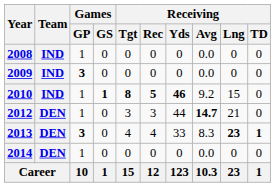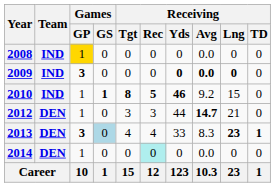 <table class="wikitable" style="text-align:center;">
 <tr>
 <th rowspan="2">Year</th>
 <th rowspan="2">Team</th>
 <th colspan="2">Games</th>
 <th colspan="6">Receiving</th>
 </tr>
 <tr>
 <th>GP</th>
 <th>GS</th>
 <th>Tgt</th>
 <th>Rec</th>
 <th>Yds</th>
 <th>Avg</th>
 <th>Lng</th>
 <th>TD</th>
 </tr>
 <tr>
 <th><a href='#'>2008</a></th>
 <th><a href='#'>IND</a></th>
-<td>1</td>
+<td style="background: gold;">1</td>
 <td>0</td>
 <td>0</td>
 <td>0</td>
 <td>0</td>
 <td>0.0</td>
 <td>0</td>
 <td>0</td>
 </tr>
 <tr>
 <th><a href='#'>2009</a></th>
 <th><a href='#'>IND</a></th>
 <td><strong>3</strong></td>
 <td>0</td>
 <td>0</td>
 <td>0</td>
-<td>0</td>
-<td>0.0</td>
-<td>0</td>
+<td><strong>0</strong></td>
+<td><strong>0.0</strong></td>
+<td><strong>0</strong></td>
 <td>0</td>
 </tr>
 <tr>
 <th><a href='#'>2010</a></th>
 <th><a href='#'>IND</a></th>
 <td>1</td>
 <td><strong>1</strong></td>
 <td><strong>8</strong></td>
 <td><strong>5</strong></td>
 <td><strong>46</strong></td>
 <td>9.2</td>
 <td>15</td>
 <td>0</td>
 </tr>
 <tr>
 <th><a href='#'>2012</a></th>
 <th><a href='#'>DEN</a></th>
 <td>1</td>
 <td>0</td>
 <td>3</td>
 <td>3</td>
 <td>44</td>
 <td><strong>14.7</strong></td>
 <td>21</td>
 <td>0</td>
 </tr>
 <tr>
 <th><a href='#'>2013</a></th>
 <th><a href='#'>DEN</a></th>
 <td><strong>3</strong></td>
-<td>0</td>
+<td style="background: lightblue;">0</td>
 <td>4</td>
 <td>4</td>
 <td>33</td>
 <td>8.3</td>
 <td><strong>23</strong></td>
 <td><strong>1</strong></td>
 </tr>
 <tr>
 <th><a href='#'>2014</a></th>
 <th><a href='#'>DEN</a></th>
 <td>1</td>
 <td>0</td>
 <td>0</td>
-<td>0</td>
+<td style="background: paleturquoise;">0</td>
 <td>0</td>
 <td>0.0</td>
 <td>0</td>
 <td>0</td>
 </tr>
 <tr>
 <th colspan="2">Career</th>
 <th>10</th>
 <th>1</th>
 <th>15</th>
 <th>12</th>
 <th>123</th>
 <th>10.3</th>
 <th>23</th>
 <th>1</th>
 </tr>
 </table>
